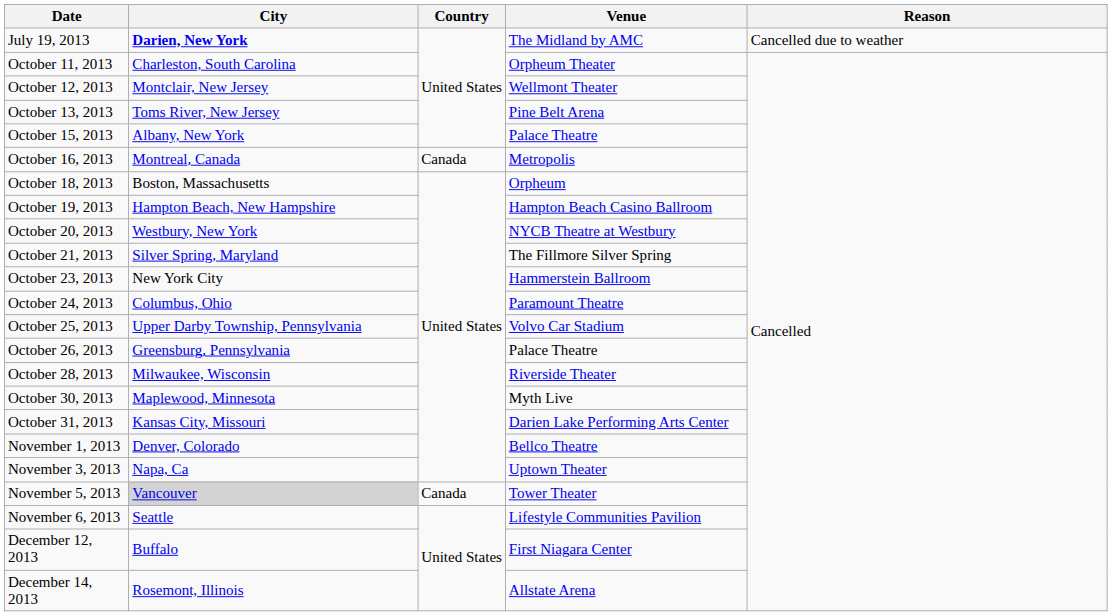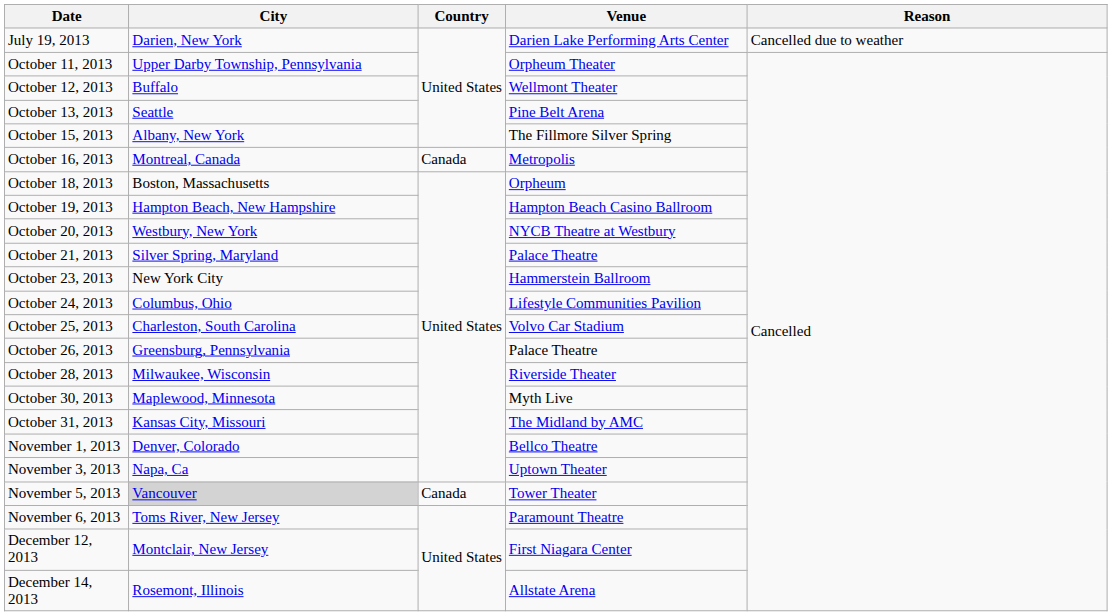 <table class="wikitable" style="border: 0px solid darkgray">
 <tr>
 <th width="125">Date</th>
 <th width="300">City</th>
 <th>Country</th>
 <th width="250">Venue</th>
 <th width="375">Reason</th>
 </tr>
 <tr border="0">
 <td>July 19, 2013</td>
-<td><strong><a href='#'>Darien, New York</a></strong></td>
+<td><a href='#'>Darien, New York</a></td>
 <td rowspan="5">United States</td>
-<td><a href='#'>The Midland by AMC</a></td>
+<td><a href='#'>Darien Lake Performing Arts Center</a></td>
 <td>Cancelled due to weather</td>
 </tr>
 <tr>
 <td>October 11, 2013</td>
-<td><a href='#'>Charleston, South Carolina</a></td>
+<td><a href='#'>Upper Darby Township, Pennsylvania</a></td>
 <td><a href='#'>Orpheum Theater</a></td>
 <td rowspan="22">Cancelled</td>
 </tr>
 <tr>
 <td>October 12, 2013</td>
-<td><a href='#'>Montclair, New Jersey</a></td>
+<td><a href='#'>Buffalo</a></td>
 <td><a href='#'>Wellmont Theater</a></td>
 </tr>
 <tr>
 <td>October 13, 2013</td>
-<td><a href='#'>Toms River, New Jersey</a></td>
+<td><a href='#'>Seattle</a></td>
 <td><a href='#'>Pine Belt Arena</a></td>
 </tr>
 <tr>
 <td>October 15, 2013</td>
 <td><a href='#'>Albany, New York</a></td>
-<td><a href='#'>Palace Theatre</a></td>
+<td>The Fillmore Silver Spring</td>
 </tr>
 <tr>
 <td>October 16, 2013</td>
 <td><a href='#'>Montreal, Canada</a></td>
 <td>Canada</td>
 <td><a href='#'>Metropolis</a></td>
 </tr>
 <tr>
 <td>October 18, 2013</td>
 <td>Boston, Massachusetts</td>
 <td rowspan="13">United States</td>
 <td><a href='#'>Orpheum</a></td>
 </tr>
 <tr>
 <td>October 19, 2013</td>
 <td><a href='#'>Hampton Beach, New Hampshire</a></td>
 <td><a href='#'>Hampton Beach Casino Ballroom</a></td>
 </tr>
 <tr>
 <td>October 20, 2013</td>
 <td><a href='#'>Westbury, New York</a></td>
 <td><a href='#'>NYCB Theatre at Westbury</a></td>
 </tr>
 <tr>
 <td>October 21, 2013</td>
 <td><a href='#'>Silver Spring, Maryland</a></td>
-<td>The Fillmore Silver Spring</td>
+<td><a href='#'>Palace Theatre</a></td>
 </tr>
 <tr>
 <td>October 23, 2013</td>
 <td>New York City</td>
 <td><a href='#'>Hammerstein Ballroom</a></td>
 </tr>
 <tr>
 <td>October 24, 2013</td>
 <td><a href='#'>Columbus, Ohio</a></td>
-<td><a href='#'>Paramount Theatre</a></td>
+<td><a href='#'>Lifestyle Communities Pavilion</a></td>
 </tr>
 <tr>
 <td>October 25, 2013</td>
-<td><a href='#'>Upper Darby Township, Pennsylvania</a></td>
+<td><a href='#'>Charleston, South Carolina</a></td>
 <td><a href='#'>Volvo Car Stadium</a></td>
 </tr>
 <tr>
 <td>October 26, 2013</td>
 <td><a href='#'>Greensburg, Pennsylvania</a></td>
 <td>Palace Theatre</td>
 </tr>
 <tr>
 <td>October 28, 2013</td>
 <td><a href='#'>Milwaukee, Wisconsin</a></td>
 <td><a href='#'>Riverside Theater</a></td>
 </tr>
 <tr>
 <td>October 30, 2013</td>
 <td><a href='#'>Maplewood, Minnesota</a></td>
 <td>Myth Live</td>
 </tr>
 <tr>
 <td>October 31, 2013</td>
 <td><a href='#'>Kansas City, Missouri</a></td>
-<td><a href='#'>Darien Lake Performing Arts Center</a></td>
+<td><a href='#'>The Midland by AMC</a></td>
 </tr>
 <tr>
 <td>November 1, 2013</td>
 <td><a href='#'>Denver, Colorado</a></td>
 <td><a href='#'>Bellco Theatre</a></td>
 </tr>
 <tr>
 <td>November 3, 2013</td>
 <td><a href='#'>Napa, Ca</a></td>
 <td><a href='#'>Uptown Theater</a></td>
 </tr>
 <tr>
 <td>November 5, 2013</td>
 <td style="background: lightgrey;"><a href='#'>Vancouver</a></td>
 <td>Canada</td>
 <td><a href='#'>Tower Theater</a></td>
 </tr>
 <tr>
 <td>November 6, 2013</td>
-<td><a href='#'>Seattle</a></td>
+<td><a href='#'>Toms River, New Jersey</a></td>
 <td rowspan="3">United States</td>
-<td><a href='#'>Lifestyle Communities Pavilion</a></td>
+<td><a href='#'>Paramount Theatre</a></td>
 </tr>
 <tr>
 <td>December 12, 2013</td>
-<td><a href='#'>Buffalo</a></td>
+<td><a href='#'>Montclair, New Jersey</a></td>
 <td><a href='#'>First Niagara Center</a></td>
 </tr>
 <tr>
 <td>December 14, 2013</td>
 <td><a href='#'>Rosemont, Illinois</a></td>
 <td><a href='#'>Allstate Arena</a></td>
 </tr>
 <tr>
 </tr>
 </table>
